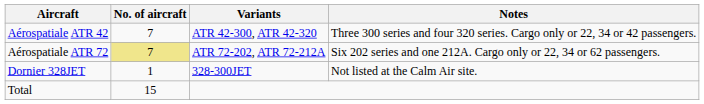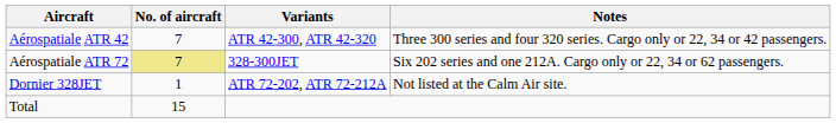 <table class="wikitable" style="margin:1em auto; border-collapse:collapse">
 <tr>
 <th>Aircraft</th>
 <th>No. of aircraft</th>
 <th>Variants</th>
 <th>Notes</th>
 </tr>
 <tr>
 <td><a href='#'>Aérospatiale</a> <a href='#'>ATR 42</a></td>
 <td align=center>7</td>
 <td><a href='#'>ATR 42-300</a>, <a href='#'>ATR 42-320</a></td>
 <td>Three 300 series and four 320 series. Cargo only or 22, 34 or 42 passengers.</td>
 </tr>
 <tr>
 <td>Aérospatiale <a href='#'>ATR 72</a></td>
 <td align=center style="background: khaki;">7</td>
-<td><a href='#'>ATR 72-202</a>, <a href='#'>ATR 72-212A</a></td>
+<td><a href='#'>328-300JET</a></td>
 <td>Six 202 series and one 212A. Cargo only or 22, 34 or 62 passengers.</td>
 </tr>
 <tr>
 <td><a href='#'>Dornier 328JET</a></td>
 <td align=center>1</td>
-<td><a href='#'>328-300JET</a></td>
+<td><a href='#'>ATR 72-202</a>, <a href='#'>ATR 72-212A</a></td>
 <td>Not listed at the Calm Air site.</td>
 </tr>
 <tr>
 <td>Total</td>
 <td align=center>15</td>
 <td colspan="2"></td>
 </tr>
 </table>
